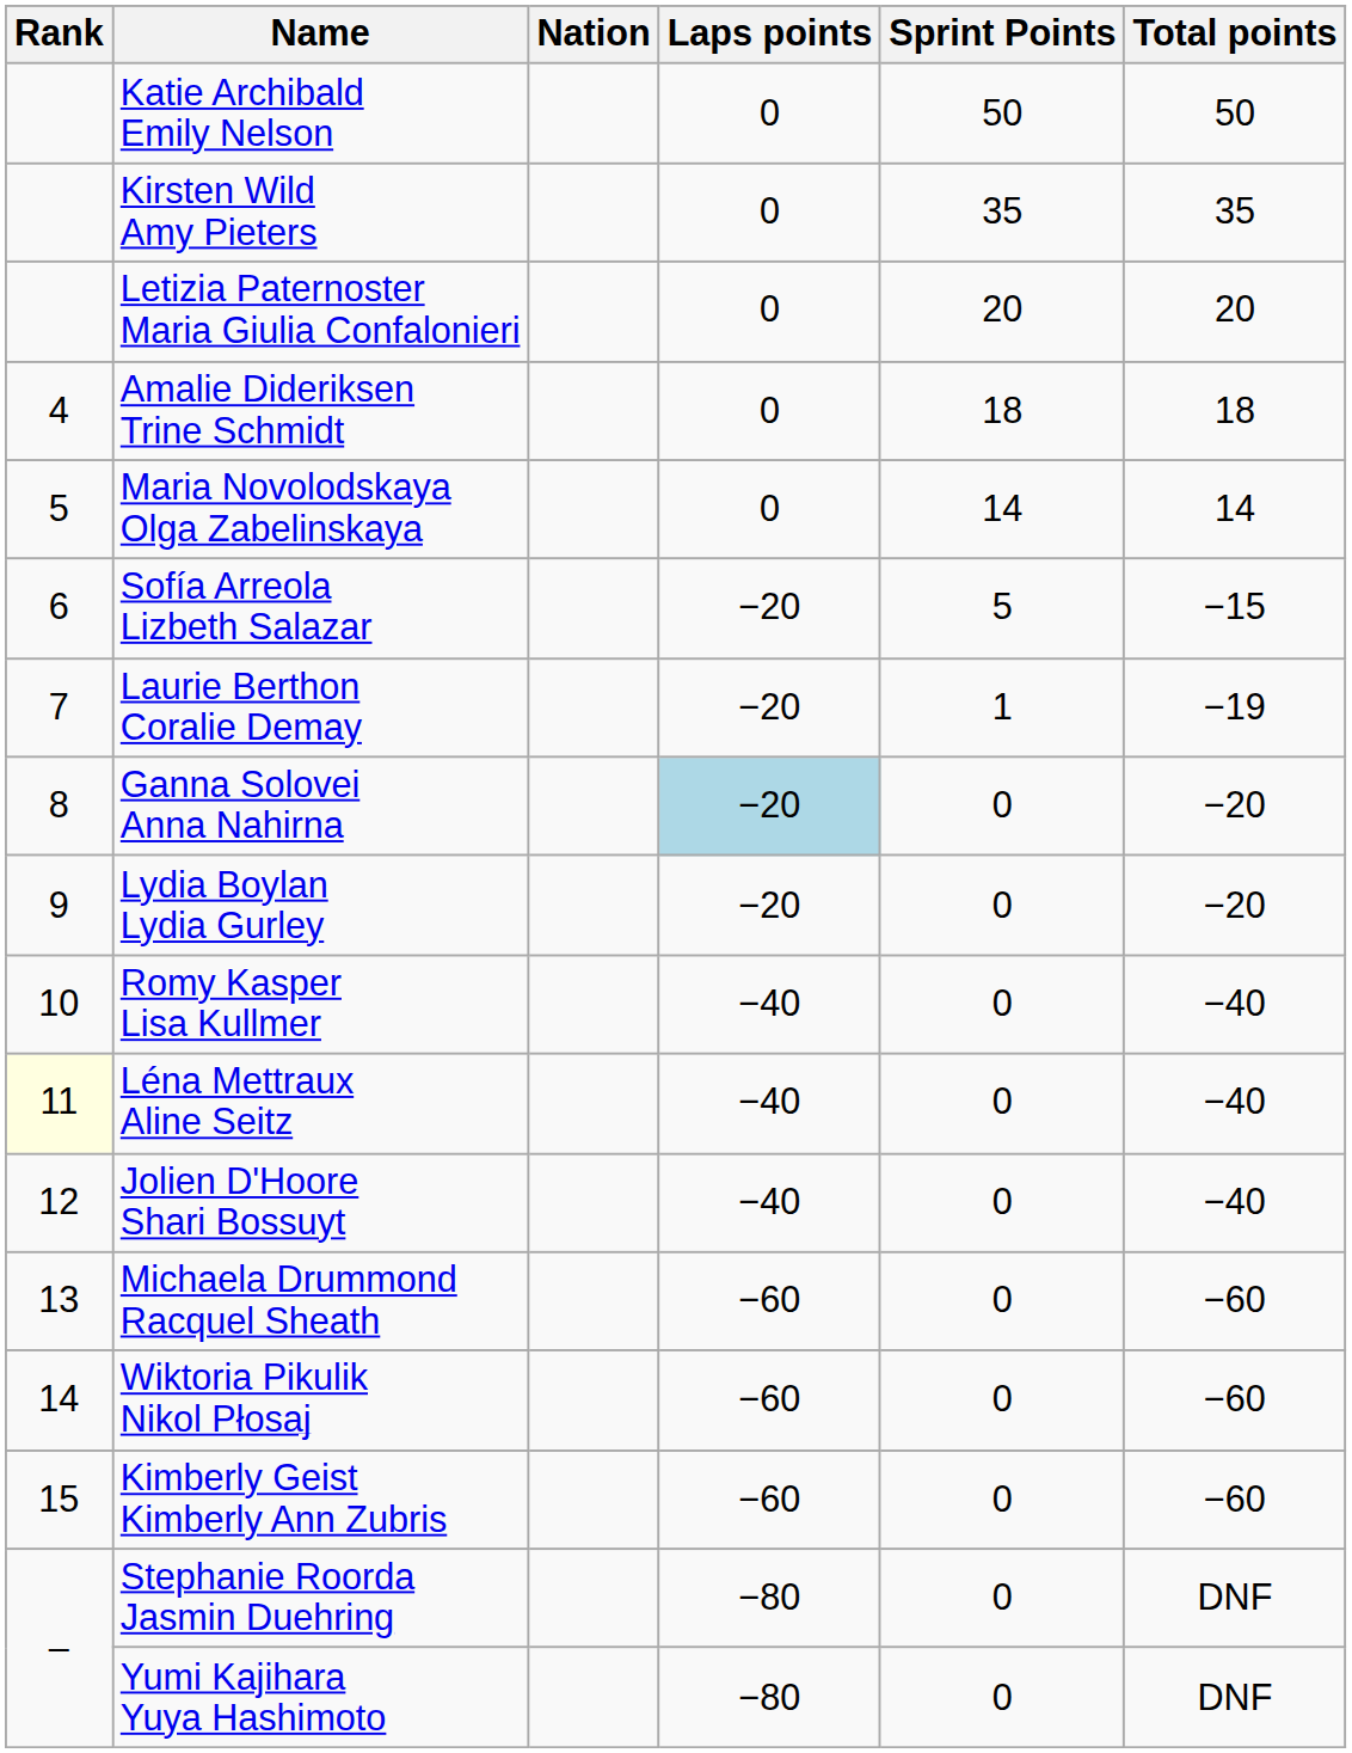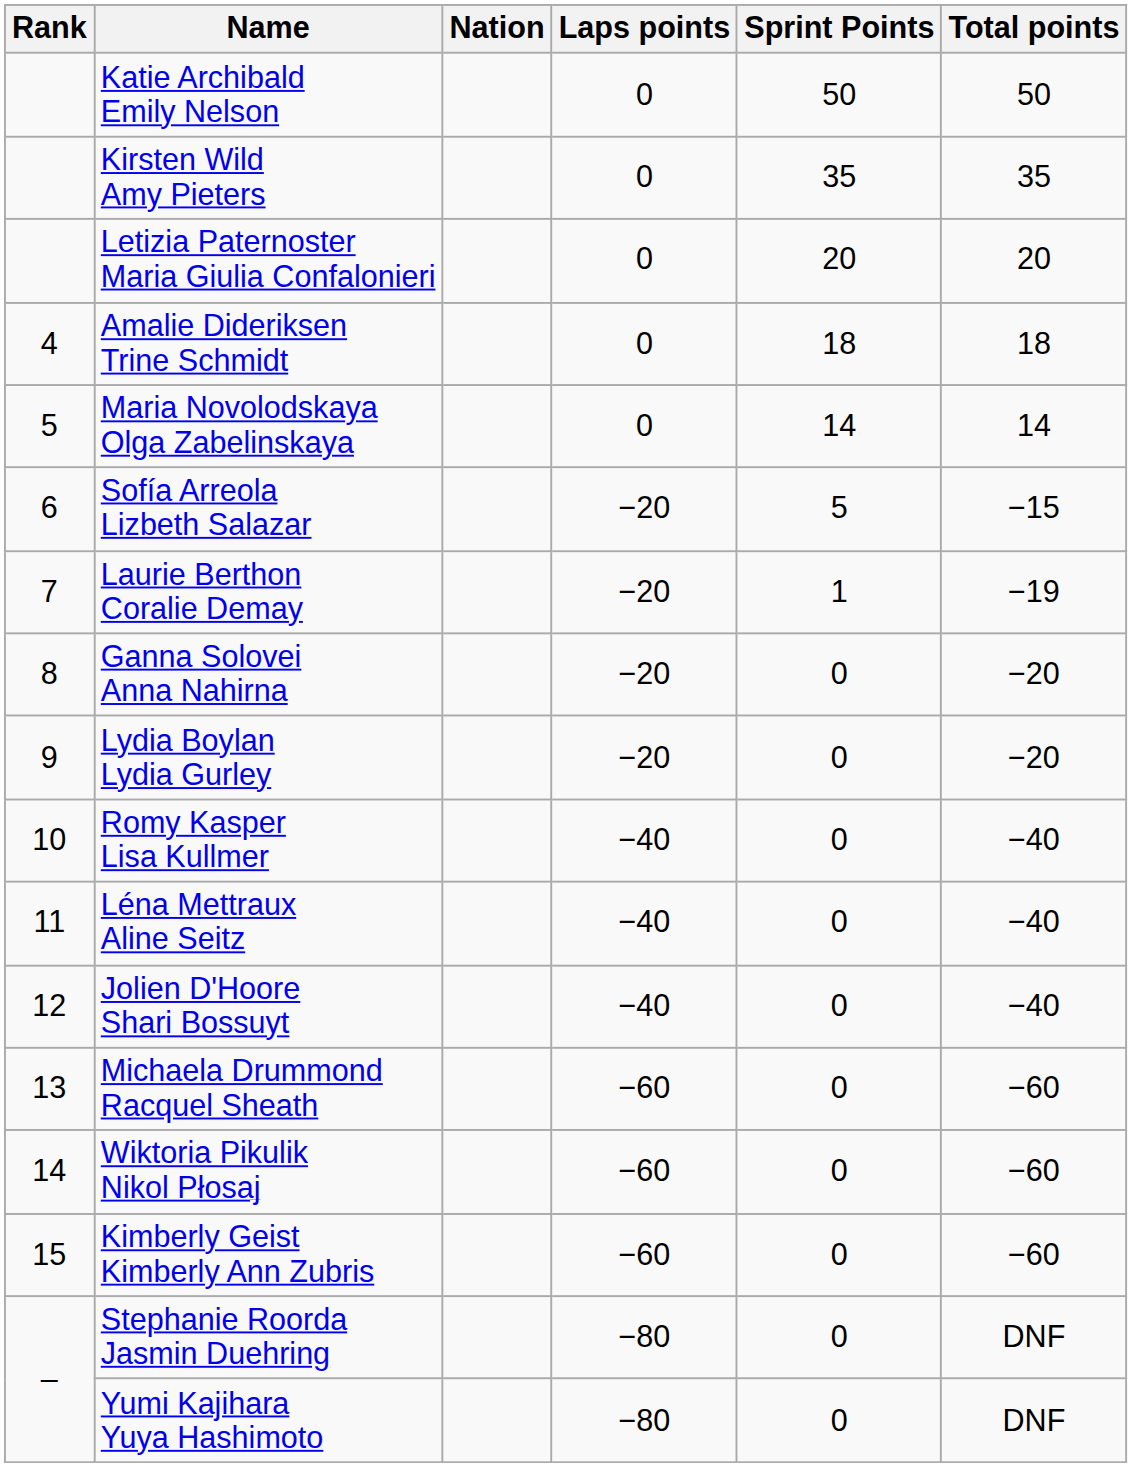 <table class="wikitable sortable" style="text-align:center">
 <tr>
 <th>Rank</th>
 <th>Name</th>
 <th>Nation</th>
 <th>Laps points</th>
 <th>Sprint Points</th>
 <th>Total points</th>
 </tr>
 <tr>
 <td></td>
 <td align=left><a href='#'>Katie Archibald</a><br><a href='#'>Emily Nelson</a></td>
 <td align=left></td>
 <td>0</td>
 <td>50</td>
 <td>50</td>
 </tr>
 <tr>
 <td></td>
 <td align=left><a href='#'>Kirsten Wild</a><br><a href='#'>Amy Pieters</a></td>
 <td align=left></td>
 <td>0</td>
 <td>35</td>
 <td>35</td>
 </tr>
 <tr>
 <td></td>
 <td align=left><a href='#'>Letizia Paternoster</a><br><a href='#'>Maria Giulia Confalonieri</a></td>
 <td align=left></td>
 <td>0</td>
 <td>20</td>
 <td>20</td>
 </tr>
 <tr>
 <td>4</td>
 <td align=left><a href='#'>Amalie Dideriksen</a><br><a href='#'>Trine Schmidt</a></td>
 <td align=left></td>
 <td>0</td>
 <td>18</td>
 <td>18</td>
 </tr>
 <tr>
 <td>5</td>
 <td align=left><a href='#'>Maria Novolodskaya</a><br><a href='#'>Olga Zabelinskaya</a></td>
 <td align=left></td>
 <td>0</td>
 <td>14</td>
 <td>14</td>
 </tr>
 <tr>
 <td>6</td>
 <td align=left><a href='#'>Sofía Arreola</a><br><a href='#'>Lizbeth Salazar</a></td>
 <td align=left></td>
 <td>−20</td>
 <td>5</td>
 <td>−15</td>
 </tr>
 <tr>
 <td>7</td>
 <td align=left><a href='#'>Laurie Berthon</a><br><a href='#'>Coralie Demay</a></td>
 <td align=left></td>
 <td>−20</td>
 <td>1</td>
 <td>−19</td>
 </tr>
 <tr>
 <td>8</td>
 <td align=left><a href='#'>Ganna Solovei</a><br><a href='#'>Anna Nahirna</a></td>
 <td align=left></td>
-<td style="background: lightblue;">−20</td>
+<td>−20</td>
 <td>0</td>
 <td>−20</td>
 </tr>
 <tr>
 <td>9</td>
 <td align=left><a href='#'>Lydia Boylan</a><br><a href='#'>Lydia Gurley</a></td>
 <td align=left></td>
 <td>−20</td>
 <td>0</td>
 <td>−20</td>
 </tr>
 <tr>
 <td>10</td>
 <td align=left><a href='#'>Romy Kasper</a><br><a href='#'>Lisa Kullmer</a></td>
 <td align=left></td>
 <td>−40</td>
 <td>0</td>
 <td>−40</td>
 </tr>
 <tr>
-<td style="background: lightyellow;">11</td>
+<td>11</td>
 <td align=left><a href='#'>Léna Mettraux</a><br><a href='#'>Aline Seitz</a></td>
 <td align=left></td>
 <td>−40</td>
 <td>0</td>
 <td>−40</td>
 </tr>
 <tr>
 <td>12</td>
 <td align=left><a href='#'>Jolien D'Hoore</a><br><a href='#'>Shari Bossuyt</a></td>
 <td align=left></td>
 <td>−40</td>
 <td>0</td>
 <td>−40</td>
 </tr>
 <tr>
 <td>13</td>
 <td align=left><a href='#'>Michaela Drummond</a><br><a href='#'>Racquel Sheath</a></td>
 <td align=left></td>
 <td>−60</td>
 <td>0</td>
 <td>−60</td>
 </tr>
 <tr>
 <td>14</td>
 <td align=left><a href='#'>Wiktoria Pikulik</a><br><a href='#'>Nikol Płosaj</a></td>
 <td align=left></td>
 <td>−60</td>
 <td>0</td>
 <td>−60</td>
 </tr>
 <tr>
 <td>15</td>
 <td align=left><a href='#'>Kimberly Geist</a><br><a href='#'>Kimberly Ann Zubris</a></td>
 <td align=left></td>
 <td>−60</td>
 <td>0</td>
 <td>−60</td>
 </tr>
 <tr>
 <td rowspan=2>–</td>
 <td align=left><a href='#'>Stephanie Roorda</a><br><a href='#'>Jasmin Duehring</a></td>
 <td align=left></td>
 <td>−80</td>
 <td>0</td>
 <td>DNF</td>
 </tr>
 <tr>
 <td align=left><a href='#'>Yumi Kajihara</a><br><a href='#'>Yuya Hashimoto</a></td>
 <td align=left></td>
 <td>−80</td>
 <td>0</td>
 <td>DNF</td>
 </tr>
 </table>
